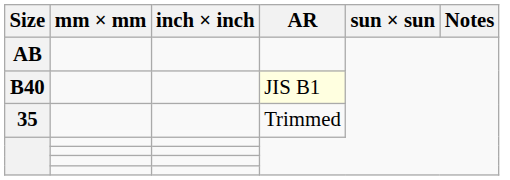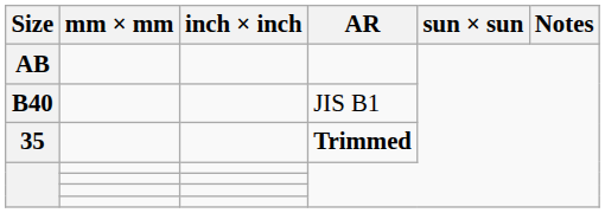 <table class="wikitable">
 <tr>
 <th>Size</th>
 <th>mm × mm</th>
 <th>inch × inch</th>
 <th title="aspect ratio">AR</th>
 <th>sun × sun</th>
 <th>Notes</th>
 </tr>
 <tr>
 <th>AB</th>
 <td></td>
 <td></td>
 <td></td>
 </tr>
 <tr>
 <th>B40</th>
 <td></td>
 <td></td>
-<td style="background: lightyellow;">JIS B1 </td>
+<td>JIS B1 </td>
 </tr>
 <tr>
 <th>35</th>
 <td></td>
 <td></td>
-<td>Trimmed </td>
+<td><strong>Trimmed </strong></td>
 </tr>
 <tr>
 <th rowspan=4></th>
 <td></td>
 <td> </td>
 </tr>
 <tr>
 <td></td>
 <td></td>
 </tr>
 <tr>
 <td></td>
 <td> </td>
 </tr>
 <tr>
 <td></td>
 <td></td>
 </tr>
 </table>
